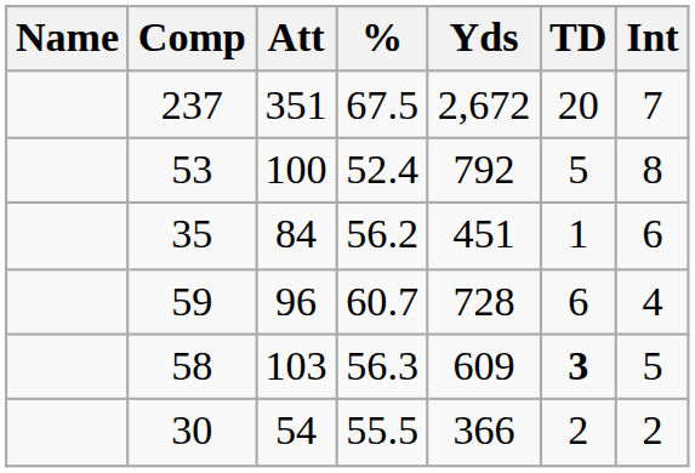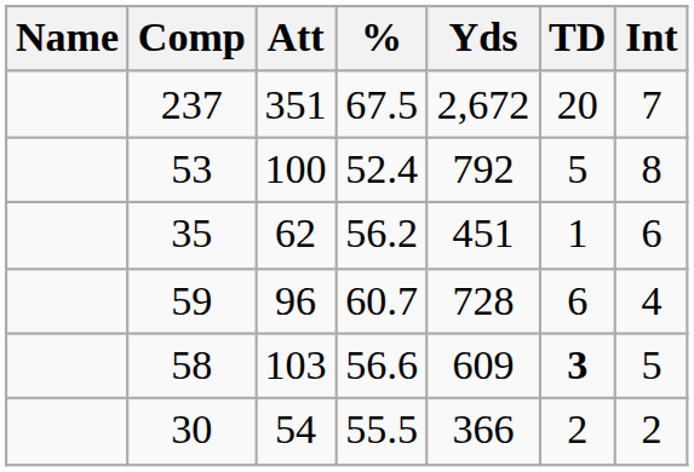 <table class="wikitable sortable" style="text-align:center">
 <tr>
 <th scope="col">Name</th>
 <th scope="col">Comp</th>
 <th scope="col">Att</th>
 <th scope="col">%</th>
 <th scope="col">Yds</th>
 <th scope="col">TD</th>
 <th scope="col">Int</th>
 </tr>
 <tr>
 <td></td>
 <td>237</td>
 <td>351</td>
 <td>67.5</td>
 <td>2,672</td>
 <td>20</td>
 <td>7</td>
 </tr>
 <tr>
 <td></td>
 <td>53</td>
 <td>100</td>
 <td>52.4</td>
 <td>792</td>
 <td>5</td>
 <td>8</td>
 </tr>
 <tr>
 <td></td>
 <td>35</td>
-<td>84</td>
+<td>62</td>
 <td>56.2</td>
 <td>451</td>
 <td>1</td>
 <td>6</td>
 </tr>
 <tr>
 <td></td>
 <td>59</td>
 <td>96</td>
 <td>60.7</td>
 <td>728</td>
 <td>6</td>
 <td>4</td>
 </tr>
 <tr>
 <td></td>
 <td>58</td>
 <td>103</td>
-<td>56.3</td>
+<td>56.6</td>
 <td>609</td>
 <td><strong>3</strong></td>
 <td>5</td>
 </tr>
 <tr>
 <td></td>
 <td>30</td>
 <td>54</td>
 <td>55.5</td>
 <td>366</td>
 <td>2</td>
 <td>2</td>
 </tr>
 </table>
